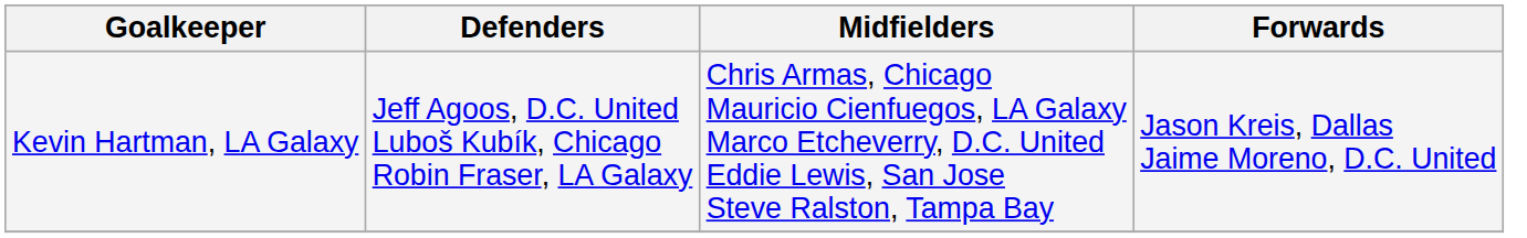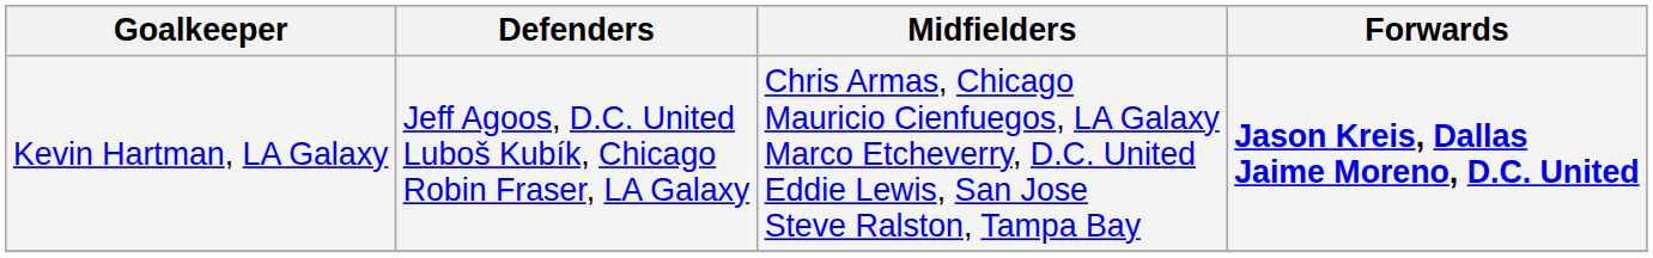 <table class="wikitable">
 <tr style="background:#cccccc;">
 <th>Goalkeeper</th>
 <th>Defenders</th>
 <th>Midfielders</th>
 <th>Forwards</th>
 </tr>
 <tr style="background:#f4f4f4;">
 <td> <a href='#'>Kevin Hartman</a>, <a href='#'>LA Galaxy</a></td>
 <td> <a href='#'>Jeff Agoos</a>, <a href='#'>D.C. United</a><br> <a href='#'>Luboš Kubík</a>, <a href='#'>Chicago</a><br> <a href='#'>Robin Fraser</a>, <a href='#'>LA Galaxy</a></td>
 <td> <a href='#'>Chris Armas</a>, <a href='#'>Chicago</a><br> <a href='#'>Mauricio Cienfuegos</a>, <a href='#'>LA Galaxy</a><br> <a href='#'>Marco Etcheverry</a>, <a href='#'>D.C. United</a><br> <a href='#'>Eddie Lewis</a>, <a href='#'>San Jose</a><br> <a href='#'>Steve Ralston</a>, <a href='#'>Tampa Bay</a></td>
-<td> <a href='#'>Jason Kreis</a>, <a href='#'>Dallas</a><br> <a href='#'>Jaime Moreno</a>, <a href='#'>D.C. United</a></td>
+<td><strong> <a href='#'>Jason Kreis</a>, <a href='#'>Dallas</a><br> <a href='#'>Jaime Moreno</a>, <a href='#'>D.C. United</a></strong></td>
 </tr>
 <tr style="background:#f4f4f4;">
 </tr>
 </table>
